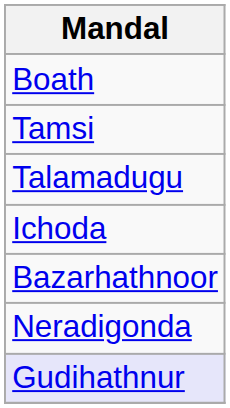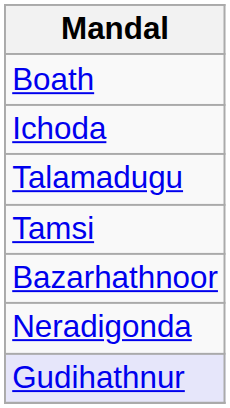 <table class="wikitable sortable static-row-numbers static-row-header-hash">
 <tr>
 <th>Mandal</th>
 </tr>
 <tr>
 <td><a href='#'>Boath</a></td>
 </tr>
 <tr>
-<td><a href='#'>Tamsi</a></td>
+<td><a href='#'>Ichoda</a></td>
 </tr>
 <tr>
 <td><a href='#'>Talamadugu</a></td>
 </tr>
 <tr>
-<td><a href='#'>Ichoda</a></td>
+<td><a href='#'>Tamsi</a></td>
 </tr>
 <tr>
 <td><a href='#'>Bazarhathnoor</a></td>
 </tr>
 <tr>
 <td><a href='#'>Neradigonda</a></td>
 </tr>
 <tr>
 <td style="background: lavender;"><a href='#'>Gudihathnur</a></td>
 </tr>
 <tr>
 </tr>
 </table>
